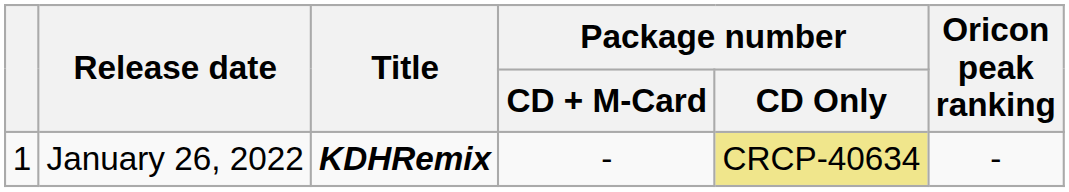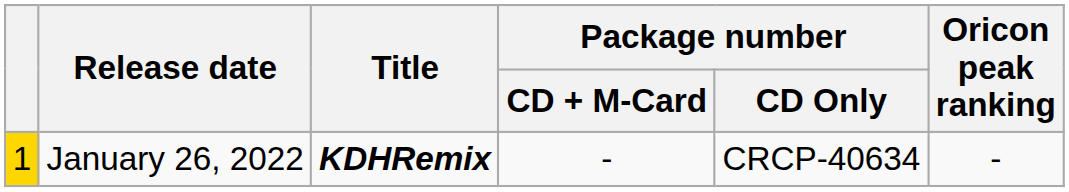 <table class="wikitable" style="text-align: center">
 <tr>
 <th rowspan="2"></th>
 <th rowspan="2">Release date</th>
 <th rowspan="2">Title</th>
 <th colspan="2">Package number</th>
 <th rowspan="2">Oricon<br>peak<br>ranking</th>
 </tr>
 <tr>
 <th>CD + M-Card</th>
 <th>CD Only</th>
 </tr>
 <tr>
-<td>1</td>
+<td style="background: gold;">1</td>
 <td>January 26, 2022</td>
 <td><strong><em>KDHRemix</em></strong></td>
 <td>-</td>
-<td style="background: khaki;">CRCP-40634</td>
+<td>CRCP-40634</td>
 <td>-</td>
 </tr>
 </table>
